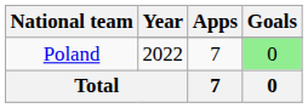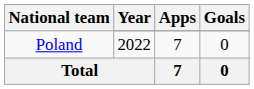 <table class="wikitable" style="text-align: center;">
 <tr>
 <th>National team</th>
 <th>Year</th>
 <th>Apps</th>
 <th>Goals</th>
 </tr>
 <tr>
 <td rowspan="2"><a href='#'>Poland</a></td>
 </tr>
 <tr>
 <td>2022</td>
 <td>7</td>
-<td style="background: lightgreen;">0</td>
+<td>0</td>
 </tr>
 <tr>
 <th colspan="2">Total</th>
 <th>7</th>
 <th>0</th>
 </tr>
 </table>
